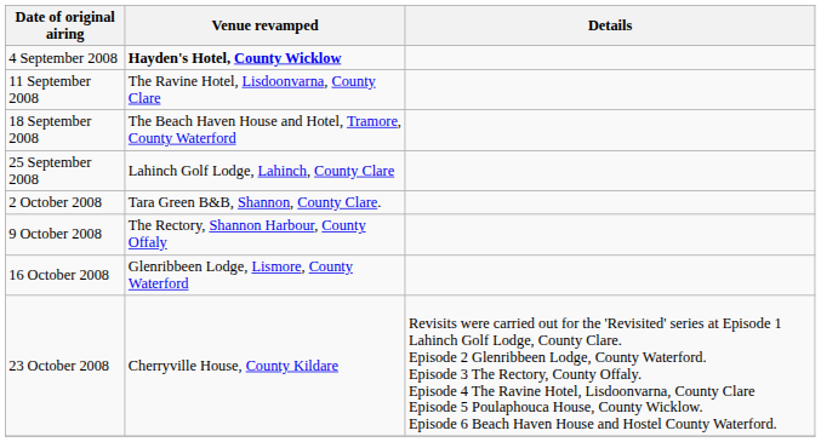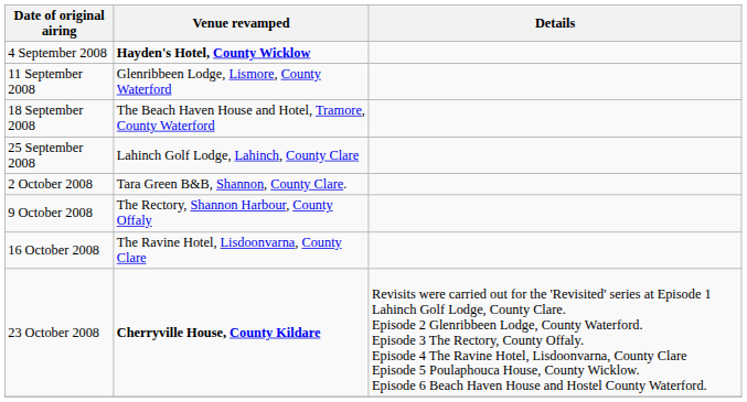 <table class="wikitable">
 <tr>
 <th>Date of original airing</th>
 <th>Venue revamped</th>
 <th>Details</th>
 </tr>
 <tr>
 <td>4 September 2008</td>
 <td><strong>Hayden's Hotel, <a href='#'>County Wicklow</a></strong></td>
 <td></td>
 </tr>
 <tr>
 <td>11 September 2008</td>
-<td>The Ravine Hotel, <a href='#'>Lisdoonvarna</a>, <a href='#'>County Clare</a></td>
+<td>Glenribbeen Lodge, <a href='#'>Lismore</a>, <a href='#'>County Waterford</a></td>
 <td></td>
 </tr>
 <tr>
 <td>18 September 2008</td>
 <td>The Beach Haven House and Hotel, <a href='#'>Tramore</a>, <a href='#'>County Waterford</a></td>
 <td></td>
 </tr>
 <tr>
 <td>25 September 2008</td>
 <td>Lahinch Golf Lodge, <a href='#'>Lahinch</a>, <a href='#'>County Clare</a></td>
 <td></td>
 </tr>
 <tr>
 <td>2 October 2008</td>
 <td>Tara Green B&B, <a href='#'>Shannon</a>, <a href='#'>County Clare</a>.</td>
 <td></td>
 </tr>
 <tr>
 <td>9 October 2008</td>
 <td>The Rectory, <a href='#'>Shannon Harbour</a>, <a href='#'>County Offaly</a></td>
 <td></td>
 </tr>
 <tr>
 <td>16 October 2008</td>
-<td>Glenribbeen Lodge, <a href='#'>Lismore</a>, <a href='#'>County Waterford</a></td>
+<td>The Ravine Hotel, <a href='#'>Lisdoonvarna</a>, <a href='#'>County Clare</a></td>
 <td></td>
 </tr>
 <tr>
 <td>23 October 2008</td>
-<td>Cherryville House, <a href='#'>County Kildare</a></td>
+<td><strong>Cherryville House, <a href='#'>County Kildare</a></strong></td>
 <td><br>Revisits were carried out for the 'Revisited' series at Episode 1 Lahinch Golf Lodge, County Clare.<br>Episode 2 Glenribbeen Lodge, County Waterford.<br>Episode 3 The Rectory, County Offaly.<br>Episode 4 The Ravine Hotel, Lisdoonvarna, County Clare<br>Episode 5 Poulaphouca House, County Wicklow.<br>Episode 6 Beach Haven House and Hostel County Waterford.</td>
 </tr>
 <tr>
 </tr>
 </table>
